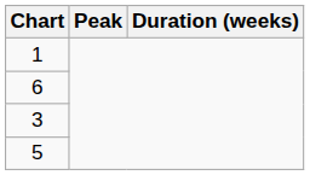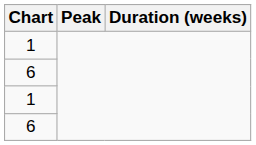 <table class="wikitable sortable plainrowheaders" style="text-align:center;">
 <tr>
 <th scope="col">Chart</th>
 <th scope="col">Peak</th>
 <th scope="col">Duration (weeks)</th>
 </tr>
 <tr>
 <td>1</td>
 </tr>
 <tr>
 <td>6</td>
 </tr>
 <tr>
-<td>3</td>
+<td>1</td>
 </tr>
 <tr>
-<td>5</td>
+<td>6</td>
 </tr>
 </table>
